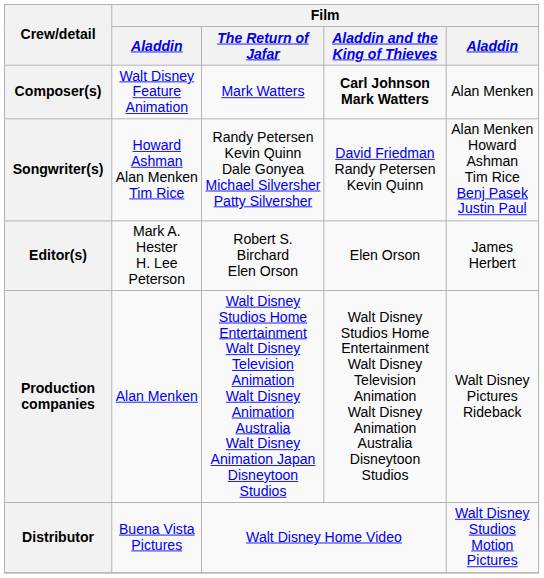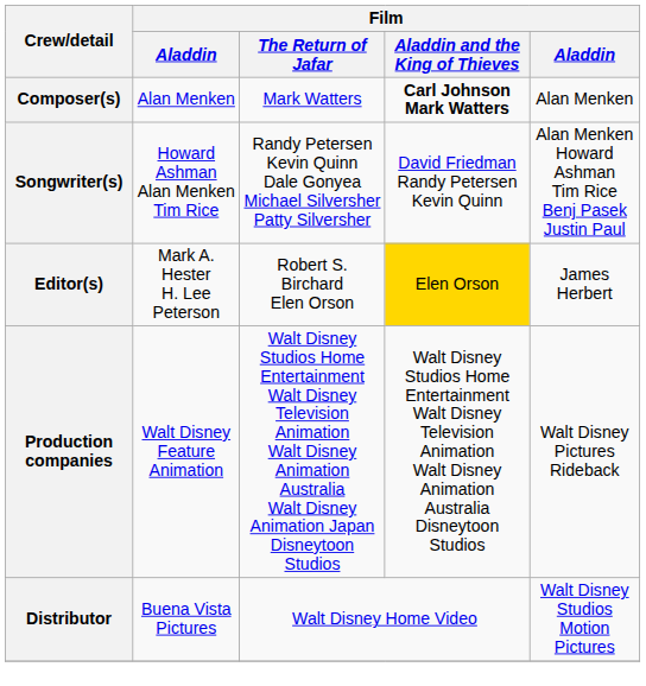 <table class="wikitable" style="text-align:center;">
 <tr>
 <th rowspan="2">Crew/detail</th>
 <th colspan="5">Film</th>
 </tr>
 <tr>
 <th><em><a href='#'>Aladdin</a></em></th>
 <th><em><a href='#'>The Return of Jafar</a></em></th>
 <th><em><a href='#'>Aladdin and the King of Thieves</a></em></th>
 <th><em><a href='#'>Aladdin</a></em></th>
 </tr>
 <tr>
 <th>Composer(s)</th>
-<td><a href='#'>Walt Disney Feature Animation</a></td>
+<td><a href='#'>Alan Menken</a></td>
 <td><a href='#'>Mark Watters</a></td>
 <td><strong>Carl Johnson <br>Mark Watters</strong></td>
 <td>Alan Menken</td>
 </tr>
 <tr>
 <th>Songwriter(s)</th>
 <td><a href='#'>Howard Ashman</a><br>Alan Menken<br><a href='#'>Tim Rice</a></td>
 <td>Randy Petersen<br>Kevin Quinn<br>Dale Gonyea<br><a href='#'>Michael Silversher<br>Patty Silversher</a></td>
 <td><a href='#'>David Friedman</a><br>Randy Petersen<br>Kevin Quinn</td>
 <td>Alan Menken<br>Howard Ashman<br>Tim Rice<br><a href='#'>Benj Pasek<br>Justin Paul</a></td>
 </tr>
 <tr>
 <th>Editor(s)</th>
 <td>Mark A. Hester <br>H. Lee Peterson</td>
 <td>Robert S. Birchard <br>Elen Orson</td>
-<td>Elen Orson</td>
+<td style="background: gold;">Elen Orson</td>
 <td>James Herbert</td>
 </tr>
 <tr>
 <th>Production companies</th>
-<td><a href='#'>Alan Menken</a></td>
+<td><a href='#'>Walt Disney Feature Animation</a></td>
 <td><a href='#'>Walt Disney Studios Home Entertainment</a> <br><a href='#'>Walt Disney Television Animation</a> <br><a href='#'>Walt Disney Animation Australia</a> <br><a href='#'>Walt Disney Animation Japan</a> <br><a href='#'>Disneytoon Studios</a></td>
 <td>Walt Disney Studios Home Entertainment <br>Walt Disney Television Animation <br>Walt Disney Animation Australia <br>Disneytoon Studios</td>
 <td>Walt Disney Pictures <br>Rideback</td>
 </tr>
 <tr>
 <th>Distributor</th>
 <td><a href='#'>Buena Vista Pictures</a></td>
 <td colspan="2"><a href='#'>Walt Disney Home Video</a></td>
 <td><a href='#'>Walt Disney Studios Motion Pictures</a></td>
 </tr>
 <tr>
 </tr>
 </table>
